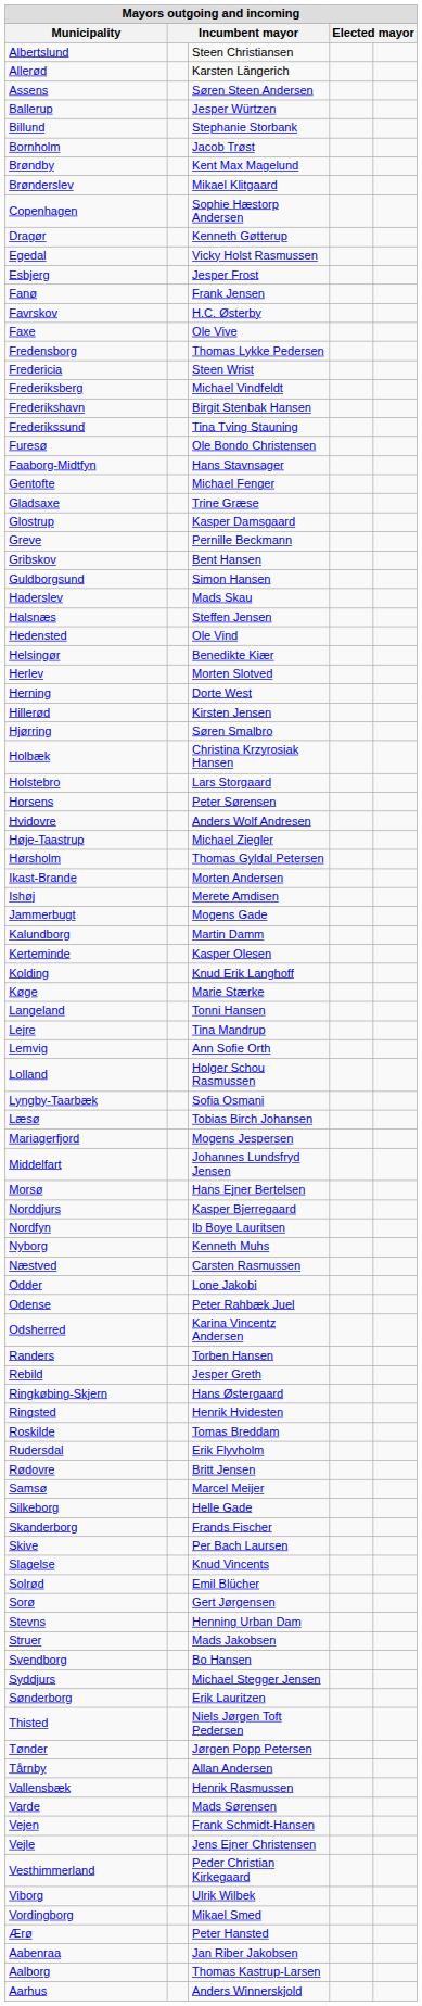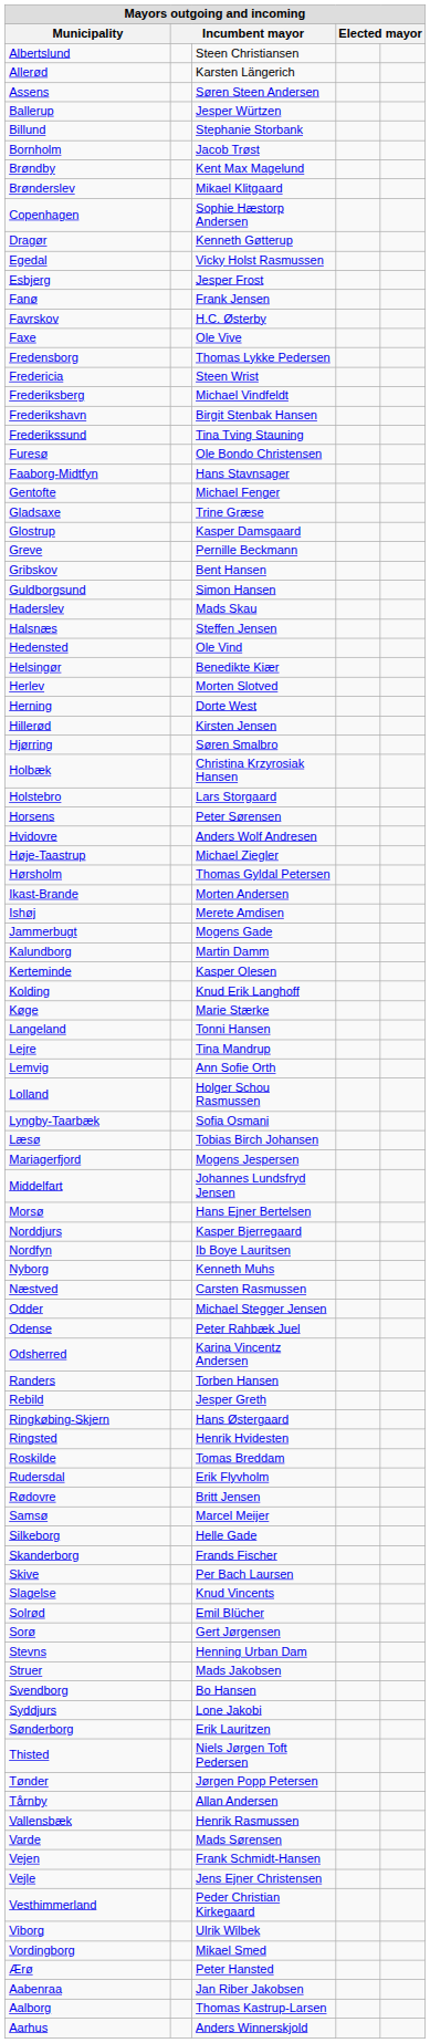 <table class="wikitable" style="margin-left:1em;">
 <tr>
 <td colspan="5" style="background:#dddddd; text-align:center;"><strong>Mayors outgoing and incoming</strong></td>
 </tr>
 <tr>
 <th style="width:210px;">Municipality</th>
 <th colspan="2">Incumbent mayor</th>
 <th colspan="2">Elected mayor</th>
 </tr>
 <tr>
 <td style="padding-left:5px;"><a href='#'>Albertslund</a></td>
 <td style="width:20px; background:"></td>
 <td style="width:180px; padding-left:5px;">Steen Christiansen</td>
 <td></td>
 <td></td>
 </tr>
 <tr>
 <td style="padding-left:5px;"><a href='#'>Allerød</a></td>
 <td style="background:"></td>
 <td style="padding-left:5px;">Karsten Längerich</td>
 <td></td>
 <td></td>
 </tr>
 <tr>
 <td style="padding-left:5px;"><a href='#'>Assens</a></td>
 <td style="background:"></td>
 <td style="padding-left:5px;"><a href='#'>Søren Steen Andersen</a></td>
 <td></td>
 <td></td>
 </tr>
 <tr>
 <td style="padding-left:5px;"><a href='#'>Ballerup</a></td>
 <td style="background:"></td>
 <td style="padding-left:5px;"><a href='#'>Jesper Würtzen</a></td>
 <td></td>
 <td></td>
 </tr>
 <tr>
 <td style="padding-left:5px;"><a href='#'>Billund</a></td>
 <td style="background:"></td>
 <td style="padding-left:5px;"><a href='#'>Stephanie Storbank</a></td>
 <td></td>
 <td></td>
 </tr>
 <tr>
 <td style="padding-left:5px;"><a href='#'>Bornholm</a></td>
 <td style="background:"></td>
 <td style="padding-left:5px;"><a href='#'>Jacob Trøst</a></td>
 <td></td>
 <td></td>
 </tr>
 <tr>
 <td style="padding-left:5px;"><a href='#'>Brøndby</a></td>
 <td style="background:"></td>
 <td style="padding-left:5px;"><a href='#'>Kent Max Magelund</a></td>
 <td></td>
 <td></td>
 </tr>
 <tr>
 <td style="padding-left:5px;"><a href='#'>Brønderslev</a></td>
 <td style="background:"></td>
 <td style="padding-left:5px;"><a href='#'>Mikael Klitgaard</a></td>
 <td></td>
 <td></td>
 </tr>
 <tr>
 <td style="padding-left:5px;"><a href='#'>Copenhagen</a></td>
 <td style="background:"></td>
 <td style="padding-left:5px;"><a href='#'>Sophie Hæstorp Andersen</a></td>
 <td></td>
 <td></td>
 </tr>
 <tr>
 <td style="padding-left:5px;"><a href='#'>Dragør</a></td>
 <td style="background:"></td>
 <td style="padding-left:5px;"><a href='#'>Kenneth Gøtterup</a></td>
 <td></td>
 <td></td>
 </tr>
 <tr>
 <td style="padding-left:5px;"><a href='#'>Egedal</a></td>
 <td style="background:"></td>
 <td style="padding-left:5px;"><a href='#'>Vicky Holst Rasmussen</a></td>
 <td></td>
 <td></td>
 </tr>
 <tr>
 <td style="padding-left:5px;"><a href='#'>Esbjerg</a></td>
 <td style="background:"></td>
 <td style="padding-left:5px;"><a href='#'>Jesper Frost</a></td>
 <td></td>
 <td></td>
 </tr>
 <tr>
 <td style="padding-left:5px;"><a href='#'>Fanø</a></td>
 <td style="background:"></td>
 <td style="padding-left:5px;"><a href='#'>Frank Jensen</a></td>
 <td></td>
 <td></td>
 </tr>
 <tr>
 <td style="padding-left:5px;"><a href='#'>Favrskov</a></td>
 <td style="background:"></td>
 <td style="padding-left:5px;"><a href='#'>H.C. Østerby</a></td>
 <td></td>
 <td></td>
 </tr>
 <tr>
 <td style="padding-left:5px;"><a href='#'>Faxe</a></td>
 <td style="background:"></td>
 <td style="padding-left:5px;"><a href='#'>Ole Vive</a></td>
 <td></td>
 <td></td>
 </tr>
 <tr>
 <td style="padding-left:5px;"><a href='#'>Fredensborg</a></td>
 <td style="background:"></td>
 <td style="padding-left:5px;"><a href='#'>Thomas Lykke Pedersen</a></td>
 <td></td>
 <td></td>
 </tr>
 <tr>
 <td style="padding-left:5px;"><a href='#'>Fredericia</a></td>
 <td style="background:"></td>
 <td style="padding-left:5px;"><a href='#'>Steen Wrist</a></td>
 <td></td>
 <td></td>
 </tr>
 <tr>
 <td style="padding-left:5px;"><a href='#'>Frederiksberg</a></td>
 <td style="background:"></td>
 <td style="padding-left:5px;"><a href='#'>Michael Vindfeldt</a></td>
 <td></td>
 <td></td>
 </tr>
 <tr>
 <td style="padding-left:5px;"><a href='#'>Frederikshavn</a></td>
 <td style="background:"></td>
 <td style="padding-left:5px;"><a href='#'>Birgit Stenbak Hansen</a></td>
 <td></td>
 <td></td>
 </tr>
 <tr>
 <td style="padding-left:5px;"><a href='#'>Frederikssund</a></td>
 <td style="background:"></td>
 <td style="padding-left:5px;"><a href='#'>Tina Tving Stauning</a></td>
 <td></td>
 <td></td>
 </tr>
 <tr>
 <td style="padding-left:5px;"><a href='#'>Furesø</a></td>
 <td style="background:"></td>
 <td style="padding-left:5px;"><a href='#'>Ole Bondo Christensen</a></td>
 <td></td>
 <td></td>
 </tr>
 <tr>
 <td style="padding-left:5px;"><a href='#'>Faaborg-Midtfyn</a></td>
 <td style="background:"></td>
 <td style="padding-left:5px;"><a href='#'>Hans Stavnsager</a></td>
 <td></td>
 <td></td>
 </tr>
 <tr>
 <td style="padding-left:5px;"><a href='#'>Gentofte</a></td>
 <td style="background:"></td>
 <td style="padding-left:5px;"><a href='#'>Michael Fenger</a></td>
 <td></td>
 <td></td>
 </tr>
 <tr>
 <td style="padding-left:5px;"><a href='#'>Gladsaxe</a></td>
 <td style="background:"></td>
 <td style="padding-left:5px;"><a href='#'>Trine Græse</a></td>
 <td></td>
 <td></td>
 </tr>
 <tr>
 <td style="padding-left:5px;"><a href='#'>Glostrup</a></td>
 <td style="background:"></td>
 <td style="padding-left:5px;"><a href='#'>Kasper Damsgaard</a></td>
 <td></td>
 <td></td>
 </tr>
 <tr>
 <td style="padding-left:5px;"><a href='#'>Greve</a></td>
 <td style="background:"></td>
 <td style="padding-left:5px;"><a href='#'>Pernille Beckmann</a></td>
 <td></td>
 <td></td>
 </tr>
 <tr>
 <td style="padding-left:5px;"><a href='#'>Gribskov</a></td>
 <td style="background:"></td>
 <td style="padding-left:5px;"><a href='#'>Bent Hansen</a></td>
 <td></td>
 <td></td>
 </tr>
 <tr>
 <td style="padding-left:5px;"><a href='#'>Guldborgsund</a></td>
 <td style="background:"></td>
 <td style="padding-left:5px;"><a href='#'>Simon Hansen</a></td>
 <td></td>
 <td></td>
 </tr>
 <tr>
 <td style="padding-left:5px;"><a href='#'>Haderslev</a></td>
 <td style="background:"></td>
 <td style="padding-left:5px;"><a href='#'>Mads Skau</a></td>
 <td></td>
 <td></td>
 </tr>
 <tr>
 <td style="padding-left:5px;"><a href='#'>Halsnæs</a></td>
 <td style="background:"></td>
 <td style="padding-left:5px;"><a href='#'>Steffen Jensen</a></td>
 <td></td>
 <td></td>
 </tr>
 <tr>
 <td style="padding-left:5px;"><a href='#'>Hedensted</a></td>
 <td style="background:"></td>
 <td style="padding-left:5px;"><a href='#'>Ole Vind</a></td>
 <td></td>
 <td></td>
 </tr>
 <tr>
 <td style="padding-left:5px;"><a href='#'>Helsingør</a></td>
 <td style="background:"></td>
 <td style="padding-left:5px;"><a href='#'>Benedikte Kiær</a></td>
 <td></td>
 <td></td>
 </tr>
 <tr>
 <td style="padding-left:5px;"><a href='#'>Herlev</a></td>
 <td style="background:"></td>
 <td style="padding-left:5px;"><a href='#'>Morten Slotved</a></td>
 <td></td>
 <td></td>
 </tr>
 <tr>
 <td style="padding-left:5px;"><a href='#'>Herning</a></td>
 <td style="background:"></td>
 <td style="padding-left:5px;"><a href='#'>Dorte West</a></td>
 <td></td>
 <td></td>
 </tr>
 <tr>
 <td style="padding-left:5px;"><a href='#'>Hillerød</a></td>
 <td style="background:"></td>
 <td style="padding-left:5px;"><a href='#'>Kirsten Jensen</a></td>
 <td></td>
 <td></td>
 </tr>
 <tr>
 <td style="padding-left:5px;"><a href='#'>Hjørring</a></td>
 <td style="background:"></td>
 <td style="padding-left:5px;"><a href='#'>Søren Smalbro</a></td>
 <td></td>
 <td></td>
 </tr>
 <tr>
 <td style="padding-left:5px;"><a href='#'>Holbæk</a></td>
 <td style="background:"></td>
 <td style="padding-left:5px;"><a href='#'>Christina Krzyrosiak Hansen</a></td>
 <td></td>
 <td></td>
 </tr>
 <tr>
 <td style="padding-left:5px;"><a href='#'>Holstebro</a></td>
 <td style="background:"></td>
 <td style="padding-left:5px;"><a href='#'>Lars Storgaard</a></td>
 <td></td>
 <td></td>
 </tr>
 <tr>
 <td style="padding-left:5px;"><a href='#'>Horsens</a></td>
 <td style="background:"></td>
 <td style="padding-left:5px;"><a href='#'>Peter Sørensen</a></td>
 <td></td>
 <td></td>
 </tr>
 <tr>
 <td style="padding-left:5px;"><a href='#'>Hvidovre</a></td>
 <td style="background:"></td>
 <td style="padding-left:5px;"><a href='#'>Anders Wolf Andresen</a></td>
 <td></td>
 <td></td>
 </tr>
 <tr>
 <td style="padding-left:5px;"><a href='#'>Høje-Taastrup</a></td>
 <td style="background:"></td>
 <td style="padding-left:5px;"><a href='#'>Michael Ziegler</a></td>
 <td></td>
 <td></td>
 </tr>
 <tr>
 <td style="padding-left:5px;"><a href='#'>Hørsholm</a></td>
 <td style="background:"></td>
 <td style="padding-left:5px;"><a href='#'>Thomas Gyldal Petersen</a></td>
 <td></td>
 <td></td>
 </tr>
 <tr>
 <td style="padding-left:5px;"><a href='#'>Ikast-Brande</a></td>
 <td style="background:"></td>
 <td style="padding-left:5px;"><a href='#'>Morten Andersen</a></td>
 <td></td>
 <td></td>
 </tr>
 <tr>
 <td style="padding-left:5px;"><a href='#'>Ishøj</a></td>
 <td style="background:"></td>
 <td style="padding-left:5px;"><a href='#'>Merete Amdisen</a></td>
 <td></td>
 <td></td>
 </tr>
 <tr>
 <td style="padding-left:5px;"><a href='#'>Jammerbugt</a></td>
 <td style="background:"></td>
 <td style="padding-left:5px;"><a href='#'>Mogens Gade</a></td>
 <td></td>
 <td></td>
 </tr>
 <tr>
 <td style="padding-left:5px;"><a href='#'>Kalundborg</a></td>
 <td style="background:"></td>
 <td style="padding-left:5px;"><a href='#'>Martin Damm</a></td>
 <td></td>
 <td></td>
 </tr>
 <tr>
 <td style="padding-left:5px;"><a href='#'>Kerteminde</a></td>
 <td style="background:"></td>
 <td style="padding-left:5px;"><a href='#'>Kasper Olesen</a></td>
 <td></td>
 <td></td>
 </tr>
 <tr>
 <td style="padding-left:5px;"><a href='#'>Kolding</a></td>
 <td style="background:"></td>
 <td style="padding-left:5px;"><a href='#'>Knud Erik Langhoff</a></td>
 <td></td>
 <td></td>
 </tr>
 <tr>
 <td style="padding-left:5px;"><a href='#'>Køge</a></td>
 <td style="background:"></td>
 <td style="padding-left:5px;"><a href='#'>Marie Stærke</a></td>
 <td></td>
 <td></td>
 </tr>
 <tr>
 <td style="padding-left:5px;"><a href='#'>Langeland</a></td>
 <td style="background:"></td>
 <td style="padding-left:5px;"><a href='#'>Tonni Hansen</a></td>
 <td></td>
 <td></td>
 </tr>
 <tr>
 <td style="padding-left:5px;"><a href='#'>Lejre</a></td>
 <td style="background:"></td>
 <td style="padding-left:5px;"><a href='#'>Tina Mandrup</a></td>
 <td></td>
 <td></td>
 </tr>
 <tr>
 <td style="padding-left:5px;"><a href='#'>Lemvig</a></td>
 <td style="background:"></td>
 <td style="padding-left:5px;"><a href='#'>Ann Sofie Orth</a></td>
 <td></td>
 <td></td>
 </tr>
 <tr>
 <td style="padding-left:5px;"><a href='#'>Lolland</a></td>
 <td style="background:"></td>
 <td style="padding-left:5px;"><a href='#'>Holger Schou Rasmussen</a></td>
 <td></td>
 <td></td>
 </tr>
 <tr>
 <td style="padding-left:5px;"><a href='#'>Lyngby-Taarbæk</a></td>
 <td style="background:"></td>
 <td style="padding-left:5px;"><a href='#'>Sofia Osmani</a></td>
 <td></td>
 <td></td>
 </tr>
 <tr>
 <td style="padding-left:5px;"><a href='#'>Læsø</a></td>
 <td style="background:"></td>
 <td style="padding-left:5px;"><a href='#'>Tobias Birch Johansen</a></td>
 <td></td>
 <td></td>
 </tr>
 <tr>
 <td style="padding-left:5px;"><a href='#'>Mariagerfjord</a></td>
 <td style="background:"></td>
 <td style="padding-left:5px;"><a href='#'>Mogens Jespersen</a></td>
 <td></td>
 <td></td>
 </tr>
 <tr>
 <td style="padding-left:5px;"><a href='#'>Middelfart</a></td>
 <td style="background:"></td>
 <td style="padding-left:5px;"><a href='#'>Johannes Lundsfryd Jensen</a></td>
 <td></td>
 <td></td>
 </tr>
 <tr>
 <td style="padding-left:5px;"><a href='#'>Morsø</a></td>
 <td style="background:"></td>
 <td style="padding-left:5px;"><a href='#'>Hans Ejner Bertelsen</a></td>
 <td></td>
 <td></td>
 </tr>
 <tr>
 <td style="padding-left:5px;"><a href='#'>Norddjurs</a></td>
 <td style="background:"></td>
 <td style="padding-left:5px;"><a href='#'>Kasper Bjerregaard</a></td>
 <td></td>
 <td></td>
 </tr>
 <tr>
 <td style="padding-left:5px;"><a href='#'>Nordfyn</a></td>
 <td style="background:"></td>
 <td style="padding-left:5px;"><a href='#'>Ib Boye Lauritsen</a></td>
 <td></td>
 <td></td>
 </tr>
 <tr>
 <td style="padding-left:5px;"><a href='#'>Nyborg</a></td>
 <td style="background:"></td>
 <td style="padding-left:5px;"><a href='#'>Kenneth Muhs</a></td>
 <td></td>
 <td></td>
 </tr>
 <tr>
 <td style="padding-left:5px;"><a href='#'>Næstved</a></td>
 <td style="background:"></td>
 <td style="padding-left:5px;"><a href='#'>Carsten Rasmussen</a></td>
 <td></td>
 <td></td>
 </tr>
 <tr>
 <td style="padding-left:5px;"><a href='#'>Odder</a></td>
 <td style="background:"></td>
-<td style="padding-left:5px;"><a href='#'>Lone Jakobi</a></td>
+<td style="padding-left:5px;"><a href='#'>Michael Stegger Jensen</a></td>
 <td></td>
 <td></td>
 </tr>
 <tr>
 <td style="padding-left:5px;"><a href='#'>Odense</a></td>
 <td style="background:"></td>
 <td style="padding-left:5px;"><a href='#'>Peter Rahbæk Juel</a></td>
 <td></td>
 <td></td>
 </tr>
 <tr>
 <td style="padding-left:5px;"><a href='#'>Odsherred</a></td>
 <td style="background:"></td>
 <td style="padding-left:5px;"><a href='#'>Karina Vincentz Andersen</a></td>
 <td></td>
 <td></td>
 </tr>
 <tr>
 <td style="padding-left:5px;"><a href='#'>Randers</a></td>
 <td style="background:"></td>
 <td style="padding-left:5px;"><a href='#'>Torben Hansen</a></td>
 <td></td>
 <td></td>
 </tr>
 <tr>
 <td style="padding-left:5px;"><a href='#'>Rebild</a></td>
 <td style="background:"></td>
 <td style="padding-left:5px;"><a href='#'>Jesper Greth</a></td>
 <td></td>
 <td></td>
 </tr>
 <tr>
 <td style="padding-left:5px;"><a href='#'>Ringkøbing-Skjern</a></td>
 <td style="background:"></td>
 <td style="padding-left:5px;"><a href='#'>Hans Østergaard</a></td>
 <td></td>
 <td></td>
 </tr>
 <tr>
 <td style="padding-left:5px;"><a href='#'>Ringsted</a></td>
 <td style="background:"></td>
 <td style="padding-left:5px;"><a href='#'>Henrik Hvidesten</a></td>
 <td></td>
 <td></td>
 </tr>
 <tr>
 <td style="padding-left:5px;"><a href='#'>Roskilde</a></td>
 <td style="background:"></td>
 <td style="padding-left:5px;"><a href='#'>Tomas Breddam</a></td>
 <td></td>
 <td></td>
 </tr>
 <tr>
 <td style="padding-left:5px;"><a href='#'>Rudersdal</a></td>
 <td style="background:"></td>
 <td style="padding-left:5px;"><a href='#'>Erik Flyvholm</a></td>
 <td></td>
 <td></td>
 </tr>
 <tr>
 <td style="padding-left:5px;"><a href='#'>Rødovre</a></td>
 <td style="background:"></td>
 <td style="padding-left:5px;"><a href='#'>Britt Jensen</a></td>
 <td></td>
 <td></td>
 </tr>
 <tr>
 <td style="padding-left:5px;"><a href='#'>Samsø</a></td>
 <td style="background:"></td>
 <td style="padding-left:5px;"><a href='#'>Marcel Meijer</a></td>
 <td></td>
 <td></td>
 </tr>
 <tr>
 <td style="padding-left:5px;"><a href='#'>Silkeborg</a></td>
 <td style="background:"></td>
 <td style="padding-left:5px;"><a href='#'>Helle Gade</a></td>
 <td></td>
 <td></td>
 </tr>
 <tr>
 <td style="padding-left:5px;"><a href='#'>Skanderborg</a></td>
 <td style="background:"></td>
 <td style="padding-left:5px;"><a href='#'>Frands Fischer</a></td>
 <td></td>
 <td></td>
 </tr>
 <tr>
 <td style="padding-left:5px;"><a href='#'>Skive</a></td>
 <td style="background:"></td>
 <td style="padding-left:5px;"><a href='#'>Per Bach Laursen</a></td>
 <td></td>
 <td></td>
 </tr>
 <tr>
 <td style="padding-left:5px;"><a href='#'>Slagelse</a></td>
 <td style="background:"></td>
 <td style="padding-left:5px;"><a href='#'>Knud Vincents</a></td>
 <td></td>
 <td></td>
 </tr>
 <tr>
 <td style="padding-left:5px;"><a href='#'>Solrød</a></td>
 <td style="background:"></td>
 <td style="padding-left:5px;"><a href='#'>Emil Blücher</a></td>
 <td></td>
 <td></td>
 </tr>
 <tr>
 <td style="padding-left:5px;"><a href='#'>Sorø</a></td>
 <td style="background:"></td>
 <td style="padding-left:5px;"><a href='#'>Gert Jørgensen</a></td>
 <td></td>
 <td></td>
 </tr>
 <tr>
 <td style="padding-left:5px;"><a href='#'>Stevns</a></td>
 <td style="background:"></td>
 <td style="padding-left:5px;"><a href='#'>Henning Urban Dam</a></td>
 <td></td>
 <td></td>
 </tr>
 <tr>
 <td style="padding-left:5px;"><a href='#'>Struer</a></td>
 <td style="background:"></td>
 <td style="padding-left:5px;"><a href='#'>Mads Jakobsen</a></td>
 <td></td>
 <td></td>
 </tr>
 <tr>
 <td style="padding-left:5px;"><a href='#'>Svendborg</a></td>
 <td style="background:"></td>
 <td style="padding-left:5px;"><a href='#'>Bo Hansen</a></td>
 <td></td>
 <td></td>
 </tr>
 <tr>
 <td style="padding-left:5px;"><a href='#'>Syddjurs</a></td>
 <td style="background:"></td>
-<td style="padding-left:5px;"><a href='#'>Michael Stegger Jensen</a></td>
+<td style="padding-left:5px;"><a href='#'>Lone Jakobi</a></td>
 <td></td>
 <td></td>
 </tr>
 <tr>
 <td style="padding-left:5px;"><a href='#'>Sønderborg</a></td>
 <td style="background:"></td>
 <td style="padding-left:5px;"><a href='#'>Erik Lauritzen</a></td>
 <td></td>
 <td></td>
 </tr>
 <tr>
 <td style="padding-left:5px;"><a href='#'>Thisted</a></td>
 <td style="background:"></td>
 <td style="padding-left:5px;"><a href='#'>Niels Jørgen Toft Pedersen</a></td>
 <td></td>
 <td></td>
 </tr>
 <tr>
 <td style="padding-left:5px;"><a href='#'>Tønder</a></td>
 <td style="background:"></td>
 <td style="padding-left:5px;"><a href='#'>Jørgen Popp Petersen</a></td>
 <td></td>
 <td></td>
 </tr>
 <tr>
 <td style="padding-left:5px;"><a href='#'>Tårnby</a></td>
 <td style="background:"></td>
 <td style="padding-left:5px;"><a href='#'>Allan Andersen</a></td>
 <td></td>
 <td></td>
 </tr>
 <tr>
 <td style="padding-left:5px;"><a href='#'>Vallensbæk</a></td>
 <td style="background:"></td>
 <td style="padding-left:5px;"><a href='#'>Henrik Rasmussen</a></td>
 <td></td>
 <td></td>
 </tr>
 <tr>
 <td style="padding-left:5px;"><a href='#'>Varde</a></td>
 <td style="background:"></td>
 <td style="padding-left:5px;"><a href='#'>Mads Sørensen</a></td>
 <td></td>
 <td></td>
 </tr>
 <tr>
 <td style="padding-left:5px;"><a href='#'>Vejen</a></td>
 <td style="background:"></td>
 <td style="padding-left:5px;"><a href='#'>Frank Schmidt-Hansen</a></td>
 <td></td>
 <td></td>
 </tr>
 <tr>
 <td style="padding-left:5px;"><a href='#'>Vejle</a></td>
 <td style="background:"></td>
 <td style="padding-left:5px;"><a href='#'>Jens Ejner Christensen</a></td>
 <td></td>
 <td></td>
 </tr>
 <tr>
 <td style="padding-left:5px;"><a href='#'>Vesthimmerland</a></td>
 <td style="background:"></td>
 <td style="padding-left:5px;"><a href='#'>Peder Christian Kirkegaard</a></td>
 <td></td>
 <td></td>
 </tr>
 <tr>
 <td style="padding-left:5px;"><a href='#'>Viborg</a></td>
 <td style="background:"></td>
 <td style="padding-left:5px;"><a href='#'>Ulrik Wilbek</a></td>
 <td></td>
 <td></td>
 </tr>
 <tr>
 <td style="padding-left:5px;"><a href='#'>Vordingborg</a></td>
 <td style="background:"></td>
 <td style="padding-left:5px;"><a href='#'>Mikael Smed</a></td>
 <td></td>
 <td></td>
 </tr>
 <tr>
 <td style="padding-left:5px;"><a href='#'>Ærø</a></td>
 <td style="background:"></td>
 <td style="padding-left:5px;"><a href='#'>Peter Hansted</a></td>
 <td></td>
 <td></td>
 </tr>
 <tr>
 <td style="padding-left:5px;"><a href='#'>Aabenraa</a></td>
 <td style="background:"></td>
 <td style="padding-left:5px;"><a href='#'>Jan Riber Jakobsen</a></td>
 <td></td>
 <td></td>
 </tr>
 <tr>
 <td style="padding-left:5px;"><a href='#'>Aalborg</a></td>
 <td style="background:"></td>
 <td style="padding-left:5px;"><a href='#'>Thomas Kastrup-Larsen</a></td>
 <td></td>
 <td></td>
 </tr>
 <tr>
 <td style="padding-left:5px;"><a href='#'>Aarhus</a></td>
 <td style="background:"></td>
 <td style="padding-left:5px;"><a href='#'>Anders Winnerskjold</a></td>
 <td></td>
 <td></td>
 </tr>
 </table>
